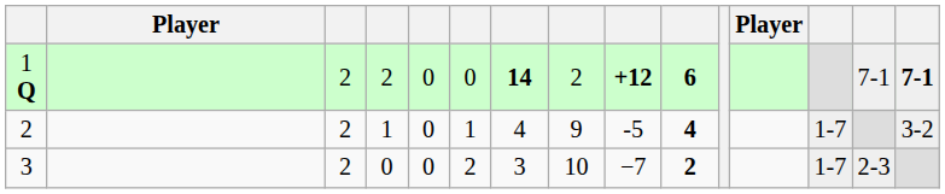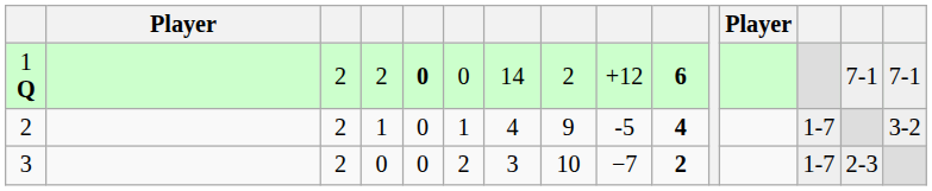 <table class=wikitable style=text-align:center>
 <tr>
 <th width=20 abbr=Position></th>
 <th width=175>Player</th>
 <th width=20 abbr=Played></th>
 <th width=20 abbr=Won></th>
 <th width=20 abbr=Drawn></th>
 <th width=20 abbr=Lost></th>
 <th width=30 abbr=Points for></th>
 <th width=30 abbr=Points against></th>
 <th width=30 abbr=Points difference></th>
 <th width=30 abbr=Points></th>
 <th rowspan="4" abbr=H2H></th>
 <th>Player</th>
 <th></th>
 <th></th>
 <th></th>
 </tr>
 <tr bgcolor=#CCFFCC>
 <td>1 <strong>Q</strong></td>
 <td align=left><strong></strong></td>
 <td>2</td>
 <td>2</td>
+<td><strong>0</strong></td>
 <td>0</td>
-<td>0</td>
-<td><strong>14</strong></td>
+<td>14</td>
 <td>2</td>
-<td><strong>+12</strong></td>
+<td>+12</td>
 <td><strong>6</strong></td>
 <td></td>
 <td bgcolor="#dddddd"> </td>
 <td bgcolor="#efefef">7-1</td>
-<td bgcolor="#efefef"><strong>7-1</strong></td>
+<td bgcolor="#efefef">7-1</td>
 </tr>
 <tr>
 <td>2  </td>
 <td align=left><strong></strong></td>
 <td>2</td>
 <td>1</td>
 <td>0</td>
 <td>1</td>
 <td>4</td>
 <td>9</td>
 <td>-5</td>
 <td><strong>4</strong></td>
 <td></td>
 <td bgcolor="#efefef">1-7</td>
 <td bgcolor="#dddddd"> </td>
 <td bgcolor="#efefef">3-2</td>
 </tr>
 <tr>
 <td>3 </td>
 <td align=left></td>
 <td>2</td>
 <td>0</td>
 <td>0</td>
 <td>2</td>
 <td>3</td>
 <td>10</td>
 <td>−7</td>
 <td><strong>2</strong></td>
 <td></td>
 <td bgcolor="#efefef">1-7</td>
 <td bgcolor="#efefef">2-3</td>
 <td bgcolor="#dddddd"> </td>
 </tr>
 </table>
